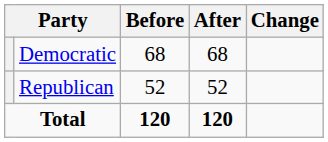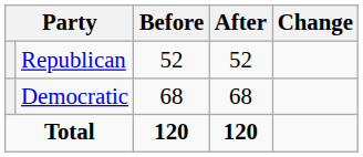 <table class="wikitable" style="text-align:center;">
 <tr>
 <th colspan="2">Party</th>
 <th>Before</th>
 <th>After</th>
 <th>Change</th>
 </tr>
 <tr>
 <th style="background-color:"></th>
-<td style="text-align:left;"><a href='#'>Democratic</a></td>
-<td>68</td>
-<td>68</td>
+<td style="text-align:left;"><a href='#'>Republican</a></td>
+<td>52</td>
+<td>52</td>
 <td></td>
 </tr>
 <tr>
 <th style="background-color:"></th>
-<td style="text-align:left;"><a href='#'>Republican</a></td>
-<td>52</td>
-<td>52</td>
+<td style="text-align:left;"><a href='#'>Democratic</a></td>
+<td>68</td>
+<td>68</td>
 <td></td>
 </tr>
 <tr>
 <td colspan="2"><strong>Total</strong></td>
 <td><strong>120</strong></td>
 <td><strong>120</strong></td>
 <td></td>
 </tr>
 </table>
